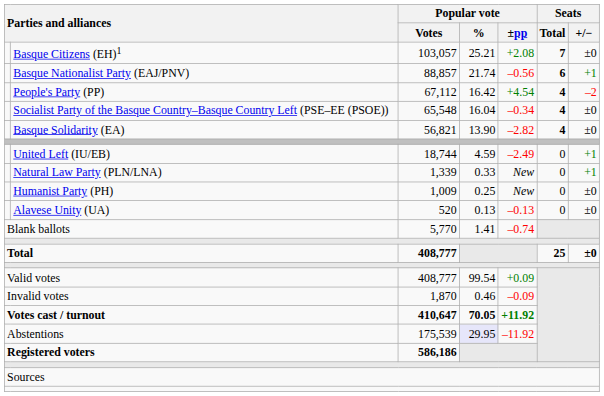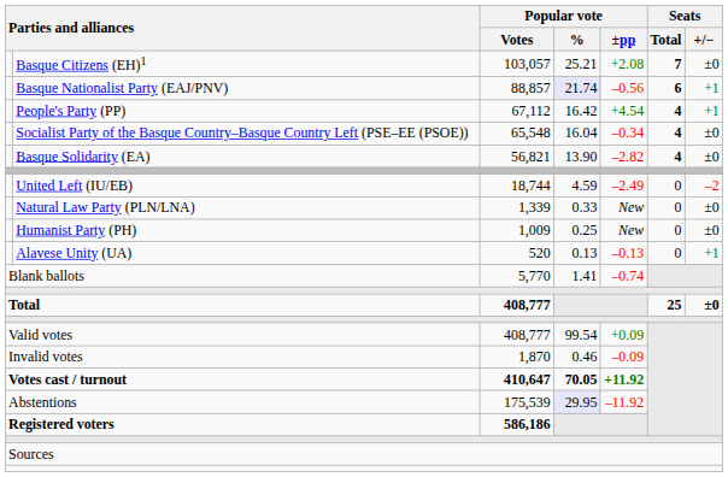 <table class="wikitable" style="text-align:right;">
 <tr>
 <th style="text-align:left;" rowspan="2" colspan="2" width="525">Parties and alliances</th>
 <th colspan="3">Popular vote</th>
 <th colspan="2">Seats</th>
 </tr>
 <tr>
 <th width="75">Votes</th>
 <th width="45">%</th>
 <th width="45">±<a href='#'>pp</a></th>
 <th width="35">Total</th>
 <th width="35">+/−</th>
 </tr>
 <tr>
 <td width="1" style="color:inherit;background:"></td>
 <td align="left"><a href='#'>Basque Citizens</a> (EH)<sup>1</sup></td>
 <td>103,057</td>
 <td>25.21</td>
 <td style="color:green;">+2.08</td>
 <td><strong>7</strong></td>
 <td>±0</td>
 </tr>
 <tr>
 <td style="color:inherit;background:"></td>
 <td align="left"><a href='#'>Basque Nationalist Party</a> (EAJ/PNV)</td>
 <td>88,857</td>
-<td>21.74</td>
+<td style="background: lavender;">21.74</td>
 <td style="color:red;">–0.56</td>
 <td><strong>6</strong></td>
 <td style="color:green;">+1</td>
 </tr>
 <tr>
 <td style="color:inherit;background:"></td>
 <td align="left"><a href='#'>People's Party</a> (PP)</td>
 <td>67,112</td>
 <td>16.42</td>
 <td style="color:green;">+4.54</td>
 <td><strong>4</strong></td>
-<td style="color:red;">–2</td>
+<td style="color:green;">+1</td>
 </tr>
 <tr>
 <td style="color:inherit;background:"></td>
 <td align="left"><a href='#'>Socialist Party of the Basque Country–Basque Country Left</a> (PSE–EE (PSOE))</td>
 <td>65,548</td>
 <td>16.04</td>
 <td style="color:red;">–0.34</td>
 <td><strong>4</strong></td>
 <td>±0</td>
 </tr>
 <tr>
 <td style="color:inherit;background:"></td>
 <td align="left"><a href='#'>Basque Solidarity</a> (EA)</td>
 <td>56,821</td>
 <td>13.90</td>
 <td style="color:red;">–2.82</td>
 <td><strong>4</strong></td>
 <td>±0</td>
 </tr>
 <tr>
 <td colspan="7" bgcolor="#C0C0C0"></td>
 </tr>
 <tr>
 <td style="color:inherit;background:"></td>
 <td align="left"><a href='#'>United Left</a> (IU/EB)</td>
 <td>18,744</td>
 <td>4.59</td>
 <td style="color:red;">–2.49</td>
 <td>0</td>
-<td style="color:green;">+1</td>
+<td style="color:red;">–2</td>
 </tr>
 <tr>
 <td style="color:inherit;background:"></td>
 <td align="left"><a href='#'>Natural Law Party</a> (PLN/LNA)</td>
 <td>1,339</td>
 <td>0.33</td>
 <td><em>New</em></td>
 <td>0</td>
-<td style="color:green;">+1</td>
+<td>±0</td>
 </tr>
 <tr>
 <td style="color:inherit;background:"></td>
 <td align="left"><a href='#'>Humanist Party</a> (PH)</td>
 <td>1,009</td>
 <td>0.25</td>
 <td><em>New</em></td>
 <td>0</td>
 <td>±0</td>
 </tr>
 <tr>
 <td style="color:inherit;background:"></td>
 <td align="left"><a href='#'>Alavese Unity</a> (UA)</td>
 <td>520</td>
 <td>0.13</td>
 <td style="color:red;">–0.13</td>
 <td>0</td>
-<td>±0</td>
+<td style="color:green;">+1</td>
 </tr>
 <tr>
 <td align="left" colspan="2">Blank ballots</td>
 <td>5,770</td>
 <td>1.41</td>
 <td style="color:red;">–0.74</td>
 <td bgcolor="#E9E9E9" colspan="2"></td>
 </tr>
 <tr>
 <td colspan="7" bgcolor="#E9E9E9"></td>
 </tr>
 <tr style="font-weight:bold;">
 <td align="left" colspan="2">Total</td>
 <td>408,777</td>
 <td bgcolor="#E9E9E9" colspan="2"></td>
 <td>25</td>
 <td>±0</td>
 </tr>
 <tr>
 <td colspan="7" bgcolor="#E9E9E9"></td>
 </tr>
 <tr>
 <td align="left" colspan="2">Valid votes</td>
 <td>408,777</td>
 <td>99.54</td>
 <td style="color:green;">+0.09</td>
 <td bgcolor="#E9E9E9" colspan="2" rowspan="5"></td>
 </tr>
 <tr>
 <td align="left" colspan="2">Invalid votes</td>
 <td>1,870</td>
 <td>0.46</td>
 <td style="color:red;">–0.09</td>
 </tr>
 <tr style="font-weight:bold;">
 <td align="left" colspan="2">Votes cast / turnout</td>
 <td>410,647</td>
 <td>70.05</td>
 <td style="color:green;">+11.92</td>
 </tr>
 <tr>
 <td align="left" colspan="2">Abstentions</td>
 <td>175,539</td>
 <td style="background: lavender;">29.95</td>
 <td style="color:red;">–11.92</td>
 </tr>
 <tr style="font-weight:bold;">
 <td align="left" colspan="2">Registered voters</td>
 <td>586,186</td>
 <td bgcolor="#E9E9E9" colspan="2"></td>
 </tr>
 <tr>
 <td colspan="7" bgcolor="#E9E9E9"></td>
 </tr>
 <tr>
 <td align="left" colspan="7">Sources</td>
 </tr>
 <tr>
 <td colspan="7" style="text-align:left; max-width:790px;"></td>
 </tr>
 </table>
